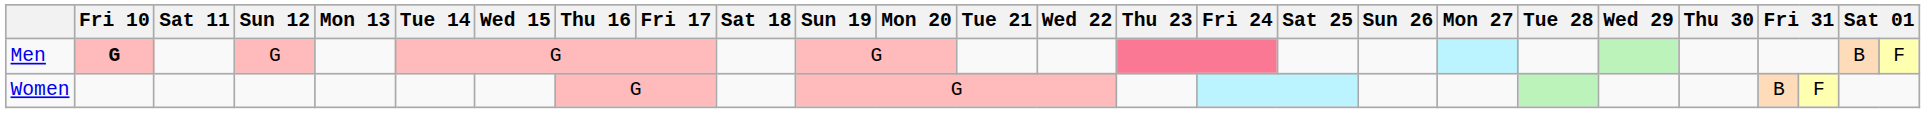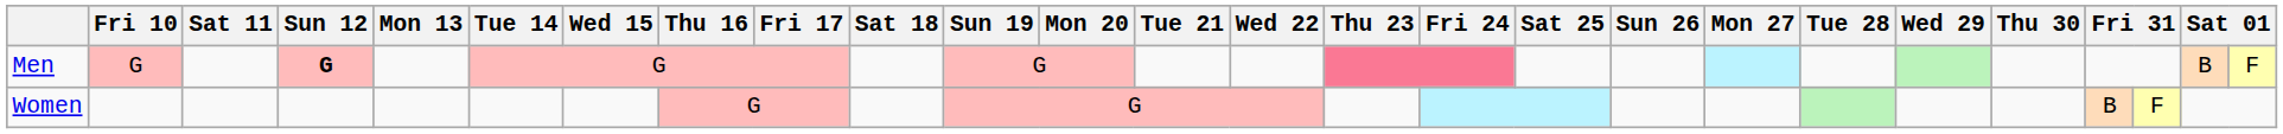 <table class="wikitable" style="margin:0.5em auto; font-size:90%; line-height:1.25em; text-align:center">
 <tr>
 <th></th>
 <th>Fri 10</th>
 <th>Sat 11</th>
 <th>Sun 12</th>
 <th>Mon 13</th>
 <th>Tue 14</th>
 <th>Wed 15</th>
 <th>Thu 16</th>
 <th>Fri 17</th>
 <th>Sat 18</th>
 <th>Sun 19</th>
 <th>Mon 20</th>
 <th>Tue 21</th>
 <th>Wed 22</th>
 <th>Thu 23</th>
 <th>Fri 24</th>
 <th>Sat 25</th>
 <th>Sun 26</th>
 <th>Mon 27</th>
 <th>Tue 28</th>
 <th>Wed 29</th>
 <th>Thu 30</th>
 <th colspan="2">Fri 31</th>
 <th colspan="2">Sat 01</th>
 </tr>
 <tr>
 <td align="left"><a href='#'>Men</a></td>
+<td bgcolor="#FFBBBB">G</td>
+<td></td>
 <td bgcolor="#FFBBBB"><strong>G</strong></td>
-<td></td>
-<td bgcolor="#FFBBBB">G</td>
 <td></td>
 <td bgcolor="#FFBBBB" colspan="4">G</td>
 <td></td>
 <td bgcolor="#FFBBBB" colspan="2">G</td>
 <td></td>
 <td></td>
 <td bgcolor="#FA7894" colspan="2"></td>
 <td></td>
 <td></td>
 <td bgcolor="#BBF3FF"></td>
 <td></td>
 <td bgcolor="#BBF3BB"></td>
 <td></td>
 <td colspan=2></td>
 <td bgcolor="#FEDCBA">B</td>
 <td bgcolor="#FFFFB">F</td>
 </tr>
 <tr>
 <td align="left"><a href='#'>Women</a></td>
 <td></td>
 <td></td>
 <td></td>
 <td></td>
 <td></td>
 <td></td>
 <td bgcolor="#FFBBBB" colspan="2">G</td>
 <td></td>
 <td bgcolor="#FFBBBB" colspan="4">G</td>
 <td></td>
 <td bgcolor="#BBF3FF" colspan="2"></td>
 <td></td>
 <td></td>
 <td bgcolor="#BBF3BB"></td>
 <td></td>
 <td></td>
 <td bgcolor="#FEDCBA">B</td>
 <td bgcolor="#FFFFB">F</td>
 <td colspan=2></td>
 </tr>
 </table>
